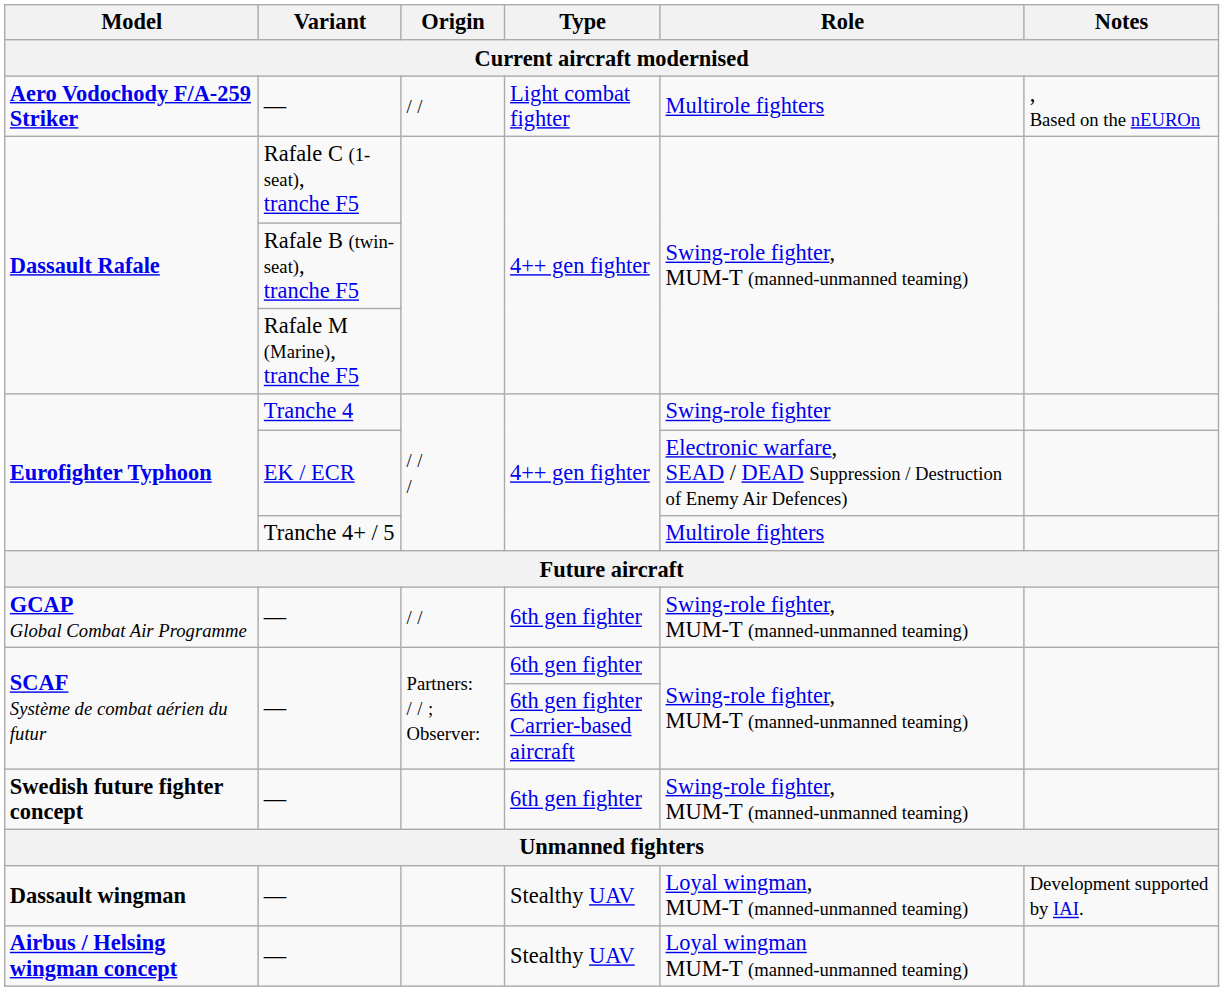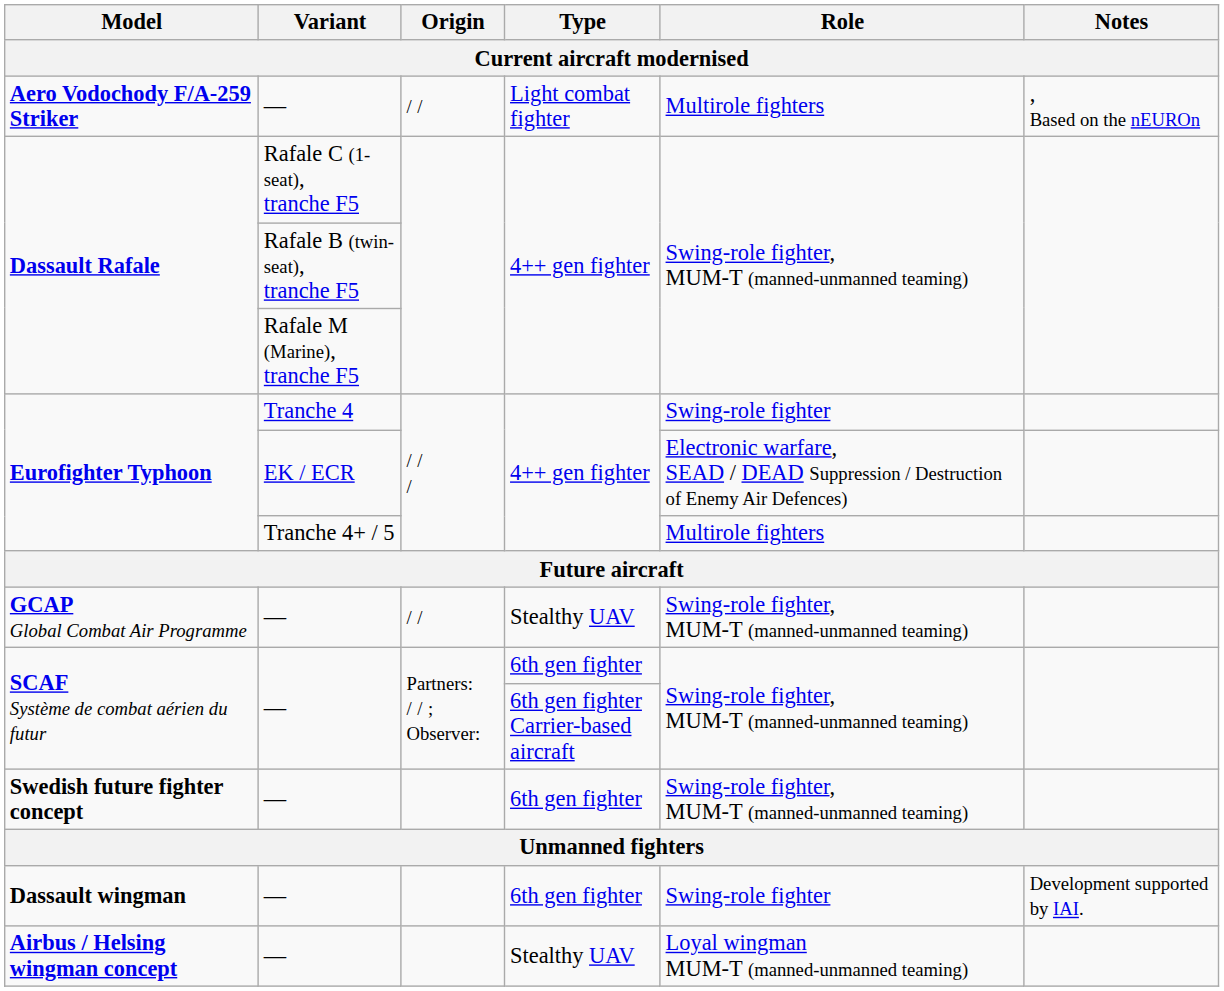 <table class="wikitable sortable">
 <tr>
 <th scope=col>Model</th>
 <th scope=col>Variant</th>
 <th scope=col>Origin</th>
 <th scope=col>Type</th>
 <th scope=col>Role</th>
 <th scope=col>Notes</th>
 </tr>
 <tr>
 <th colspan="6">Current aircraft modernised</th>
 </tr>
 <tr>
 <td><strong><a href='#'>Aero Vodochody F/A-259 Striker</a></strong></td>
 <td>—</td>
 <td><small> /</small> <small> /</small><br><small></small></td>
 <td><a href='#'>Light combat fighter</a></td>
 <td><a href='#'>Multirole fighters</a></td>
 <td><small></small>,<br><small>Based on the <a href='#'>nEUROn</a></small></td>
 </tr>
 <tr>
 <td rowspan="3"><strong><a href='#'>Dassault Rafale</a></strong></td>
 <td>Rafale C <small>(1-seat)</small>,<br><a href='#'>tranche F5</a></td>
 <td rowspan="3"><small></small></td>
 <td rowspan="3"><a href='#'>4++ gen fighter</a></td>
 <td rowspan="3"><a href='#'>Swing-role fighter</a>,<br>MUM-T <small>(manned-unmanned teaming)</small></td>
 <td rowspan="3"><small></small></td>
 </tr>
 <tr>
 <td>Rafale B <small>(twin-seat)</small>,<br><a href='#'>tranche F5</a></td>
 </tr>
 <tr>
 <td>Rafale M <small>(Marine)</small>,<br><a href='#'>tranche F5</a></td>
 </tr>
 <tr>
 <td rowspan="3"><strong><a href='#'>Eurofighter Typhoon</a></strong></td>
 <td><a href='#'>Tranche 4</a></td>
 <td rowspan="3"><small> /</small> <small> /</small><br><small> /</small> <small></small></td>
 <td rowspan="3"><a href='#'>4++ gen fighter</a></td>
 <td><a href='#'>Swing-role fighter</a></td>
 <td><small></small></td>
 </tr>
 <tr>
 <td><a href='#'>EK / ECR</a></td>
 <td><a href='#'>Electronic warfare</a>,<br><a href='#'>SEAD</a> / <a href='#'>DEAD</a> <small>Suppression / Destruction of Enemy Air Defences)</small></td>
 <td></td>
 </tr>
 <tr>
 <td>Tranche 4+ / 5</td>
 <td><a href='#'>Multirole fighters</a></td>
 <td></td>
 </tr>
 <tr>
 <th colspan="6">Future aircraft</th>
 </tr>
 <tr>
 <td><strong><a href='#'>GCAP</a></strong><br><em><small>Global Combat Air Programme</small></em></td>
 <td>—</td>
 <td><small> /</small> <small> /</small> <small></small></td>
-<td><a href='#'>6th gen fighter</a></td>
+<td>Stealthy <a href='#'>UAV</a></td>
 <td><a href='#'>Swing-role fighter</a>,<br>MUM-T <small>(manned-unmanned teaming)</small></td>
 <td><small></small></td>
 </tr>
 <tr>
 <td rowspan="2"><strong><a href='#'>SCAF</a></strong><br><em><small>Système de combat aérien du futur</small></em></td>
 <td rowspan="2">—</td>
 <td rowspan="2"><small>Partners:</small><br><small> /</small> <small> /</small> <small>;</small> <small>Observer:</small> <small></small></td>
 <td><a href='#'>6th gen fighter</a></td>
 <td rowspan="2"><a href='#'>Swing-role fighter</a>,<br>MUM-T <small>(manned-unmanned teaming)</small></td>
 <td rowspan="2"><small></small></td>
 </tr>
 <tr>
 <td><a href='#'>6th gen fighter</a><br><a href='#'>Carrier-based aircraft</a></td>
 </tr>
 <tr>
 <td><strong>Swedish future fighter concept</strong></td>
 <td>—</td>
 <td><small></small></td>
 <td><a href='#'>6th gen fighter</a></td>
 <td><a href='#'>Swing-role fighter</a>,<br>MUM-T <small>(manned-unmanned teaming)</small></td>
 <td></td>
 </tr>
 <tr>
 <th colspan="6">Unmanned fighters</th>
 </tr>
 <tr>
 <td><strong>Dassault wingman</strong></td>
 <td>—</td>
 <td><small></small></td>
-<td>Stealthy <a href='#'>UAV</a></td>
-<td><a href='#'>Loyal wingman</a>,<br>MUM-T <small>(manned-unmanned teaming)</small></td>
+<td><a href='#'>6th gen fighter</a></td>
+<td><a href='#'>Swing-role fighter</a></td>
 <td><small>Development supported by <a href='#'>IAI</a>.</small></td>
 </tr>
 <tr>
 <td><a href='#'><strong>Airbus / Helsing wingman concept</strong></a></td>
 <td>—</td>
 <td><small></small></td>
 <td>Stealthy <a href='#'>UAV</a></td>
 <td><a href='#'>Loyal wingman</a><br>MUM-T <small>(manned-unmanned teaming)</small></td>
 <td></td>
 </tr>
 </table>
